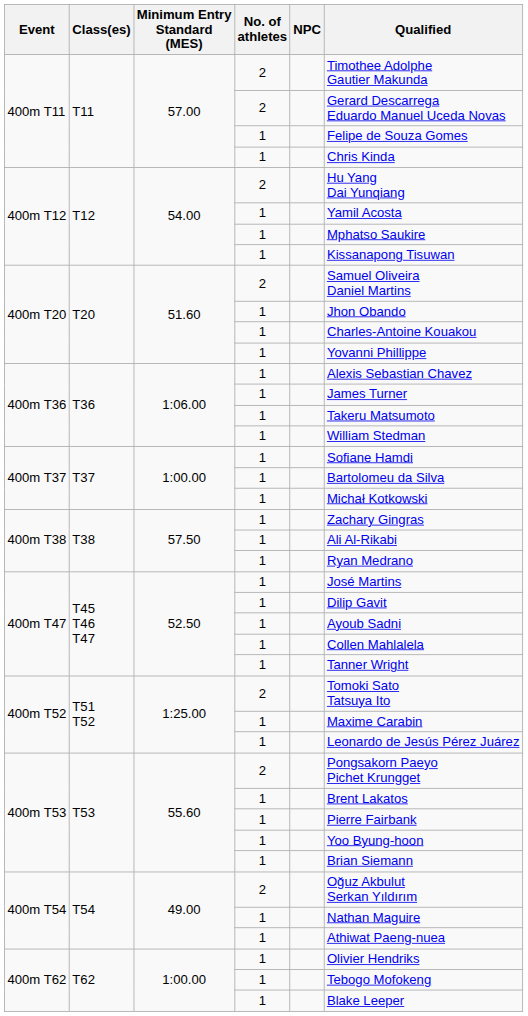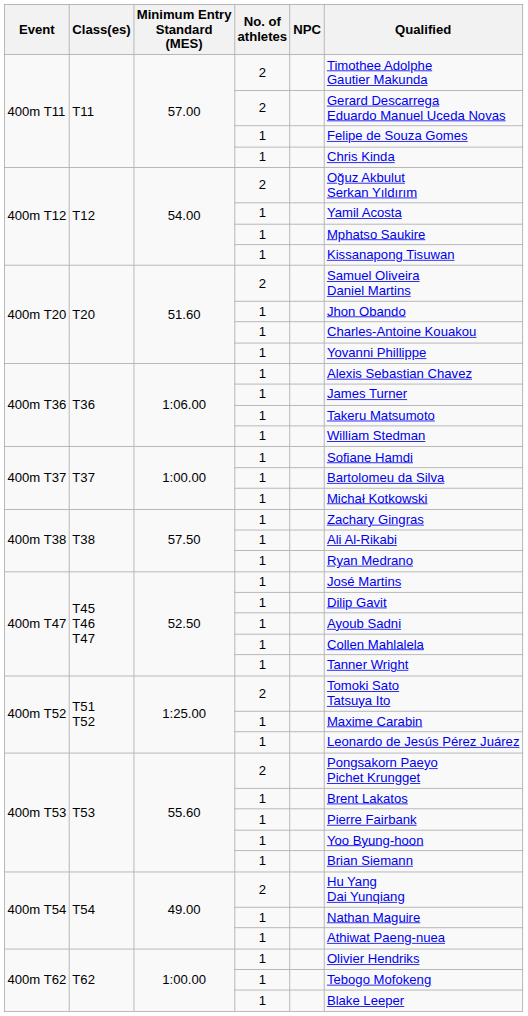 <table class="wikitable">
 <tr>
 <th>Event</th>
 <th>Class(es)</th>
 <th>Minimum Entry<br>Standard<br>(MES)</th>
 <th>No. of<br>athletes</th>
 <th>NPC</th>
 <th>Qualified</th>
 </tr>
 <tr>
 <td rowspan=4>400m T11</td>
 <td rowspan=4>T11</td>
 <td rowspan=4 align=center>57.00</td>
 <td align=center>2</td>
 <td></td>
 <td><a href='#'>Timothee Adolphe</a><br><a href='#'>Gautier Makunda</a></td>
 </tr>
 <tr>
 <td align=center>2</td>
 <td></td>
 <td><a href='#'>Gerard Descarrega</a><br><a href='#'>Eduardo Manuel Uceda Novas</a></td>
 </tr>
 <tr>
 <td align=center>1</td>
 <td></td>
 <td><a href='#'>Felipe de Souza Gomes</a></td>
 </tr>
 <tr>
 <td align=center>1</td>
 <td></td>
 <td><a href='#'>Chris Kinda</a></td>
 </tr>
 <tr>
 <td rowspan=4>400m T12</td>
 <td rowspan=4>T12</td>
 <td rowspan=4 align=center>54.00</td>
 <td align=center>2</td>
 <td></td>
-<td><a href='#'>Hu Yang</a><br><a href='#'>Dai Yunqiang</a></td>
+<td><a href='#'>Oğuz Akbulut</a><br><a href='#'>Serkan Yıldırım</a></td>
 </tr>
 <tr>
 <td align=center>1</td>
 <td></td>
 <td><a href='#'>Yamil Acosta</a></td>
 </tr>
 <tr>
 <td align=center>1</td>
 <td></td>
 <td><a href='#'>Mphatso Saukire</a></td>
 </tr>
 <tr>
 <td align=center>1</td>
 <td></td>
 <td><a href='#'>Kissanapong Tisuwan</a></td>
 </tr>
 <tr>
 <td rowspan=4>400m T20</td>
 <td rowspan=4>T20</td>
 <td rowspan=4 align=center>51.60</td>
 <td align=center>2</td>
 <td></td>
 <td><a href='#'>Samuel Oliveira</a><br><a href='#'>Daniel Martins</a></td>
 </tr>
 <tr>
 <td align=center>1</td>
 <td></td>
 <td><a href='#'>Jhon Obando</a></td>
 </tr>
 <tr>
 <td align=center>1</td>
 <td></td>
 <td><a href='#'>Charles-Antoine Kouakou</a></td>
 </tr>
 <tr>
 <td align=center>1</td>
 <td></td>
 <td><a href='#'>Yovanni Phillippe</a></td>
 </tr>
 <tr>
 <td rowspan=4>400m T36</td>
 <td rowspan=4>T36</td>
 <td rowspan=4 align=center>1:06.00</td>
 <td align=center>1</td>
 <td></td>
 <td><a href='#'>Alexis Sebastian Chavez</a></td>
 </tr>
 <tr>
 <td align=center>1</td>
 <td></td>
 <td><a href='#'>James Turner</a></td>
 </tr>
 <tr>
 <td align=center>1</td>
 <td></td>
 <td><a href='#'>Takeru Matsumoto</a></td>
 </tr>
 <tr>
 <td align=center>1</td>
 <td></td>
 <td><a href='#'>William Stedman</a></td>
 </tr>
 <tr>
 <td rowspan=3>400m T37</td>
 <td rowspan=3>T37</td>
 <td rowspan=3 align=center>1:00.00</td>
 <td align=center>1</td>
 <td></td>
 <td><a href='#'>Sofiane Hamdi</a></td>
 </tr>
 <tr>
 <td align=center>1</td>
 <td></td>
 <td><a href='#'>Bartolomeu da Silva</a></td>
 </tr>
 <tr>
 <td align=center>1</td>
 <td></td>
 <td><a href='#'>Michał Kotkowski</a></td>
 </tr>
 <tr>
 <td rowspan=3>400m T38</td>
 <td rowspan=3>T38</td>
 <td rowspan=3 align=center>57.50</td>
 <td align=center>1</td>
 <td></td>
 <td><a href='#'>Zachary Gingras</a></td>
 </tr>
 <tr>
 <td align=center>1</td>
 <td></td>
 <td><a href='#'>Ali Al-Rikabi</a></td>
 </tr>
 <tr>
 <td align=center>1</td>
 <td></td>
 <td><a href='#'>Ryan Medrano</a></td>
 </tr>
 <tr>
 <td rowspan=5>400m T47</td>
 <td rowspan=5>T45<br>T46<br>T47</td>
 <td rowspan=5 align=center>52.50</td>
 <td align=center>1</td>
 <td></td>
 <td><a href='#'>José Martins</a></td>
 </tr>
 <tr>
 <td align=center>1</td>
 <td></td>
 <td><a href='#'>Dilip Gavit</a></td>
 </tr>
 <tr>
 <td align=center>1</td>
 <td></td>
 <td><a href='#'>Ayoub Sadni</a></td>
 </tr>
 <tr>
 <td align=center>1</td>
 <td></td>
 <td><a href='#'>Collen Mahlalela</a></td>
 </tr>
 <tr>
 <td align=center>1</td>
 <td></td>
 <td><a href='#'>Tanner Wright</a></td>
 </tr>
 <tr>
 <td rowspan=3>400m T52</td>
 <td rowspan=3>T51<br>T52</td>
 <td rowspan=3 align=center>1:25.00</td>
 <td align=center>2</td>
 <td></td>
 <td><a href='#'>Tomoki Sato</a><br><a href='#'>Tatsuya Ito</a></td>
 </tr>
 <tr>
 <td align=center>1</td>
 <td></td>
 <td><a href='#'>Maxime Carabin</a></td>
 </tr>
 <tr>
 <td align=center>1</td>
 <td></td>
 <td><a href='#'>Leonardo de Jesús Pérez Juárez</a></td>
 </tr>
 <tr>
 <td rowspan=5>400m T53</td>
 <td rowspan=5>T53</td>
 <td rowspan=5 align=center>55.60</td>
 <td align=center>2</td>
 <td></td>
 <td><a href='#'>Pongsakorn Paeyo</a><br><a href='#'>Pichet Krungget</a></td>
 </tr>
 <tr>
 <td align=center>1</td>
 <td></td>
 <td><a href='#'>Brent Lakatos</a></td>
 </tr>
 <tr>
 <td align=center>1</td>
 <td></td>
 <td><a href='#'>Pierre Fairbank</a></td>
 </tr>
 <tr>
 <td align=center>1</td>
 <td></td>
 <td><a href='#'>Yoo Byung-hoon</a></td>
 </tr>
 <tr>
 <td align=center>1</td>
 <td></td>
 <td><a href='#'>Brian Siemann</a></td>
 </tr>
 <tr>
 <td rowspan=3>400m T54</td>
 <td rowspan=3>T54</td>
 <td rowspan=3 align=center>49.00</td>
 <td align=center>2</td>
 <td></td>
-<td><a href='#'>Oğuz Akbulut</a><br><a href='#'>Serkan Yıldırım</a></td>
+<td><a href='#'>Hu Yang</a><br><a href='#'>Dai Yunqiang</a></td>
 </tr>
 <tr>
 <td align=center>1</td>
 <td></td>
 <td><a href='#'>Nathan Maguire</a></td>
 </tr>
 <tr>
 <td align=center>1</td>
 <td></td>
 <td><a href='#'>Athiwat Paeng-nuea</a></td>
 </tr>
 <tr>
 <td rowspan=3>400m T62</td>
 <td rowspan=3>T62</td>
 <td rowspan=3 align=center>1:00.00</td>
 <td align=center>1</td>
 <td></td>
 <td><a href='#'>Olivier Hendriks</a></td>
 </tr>
 <tr>
 <td align=center>1</td>
 <td></td>
 <td><a href='#'>Tebogo Mofokeng</a></td>
 </tr>
 <tr>
 <td align=center>1</td>
 <td></td>
 <td><a href='#'>Blake Leeper</a></td>
 </tr>
 </table>
